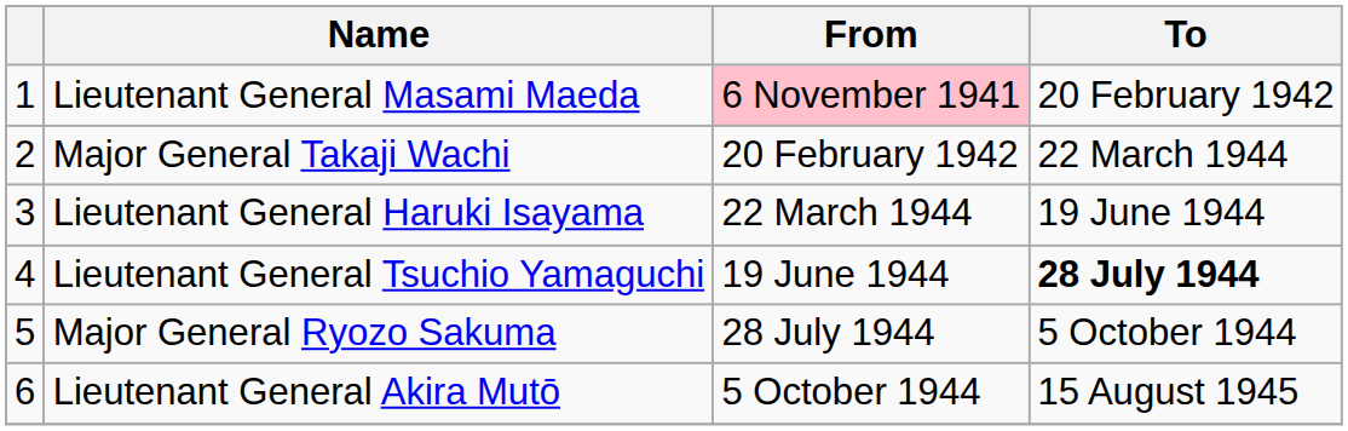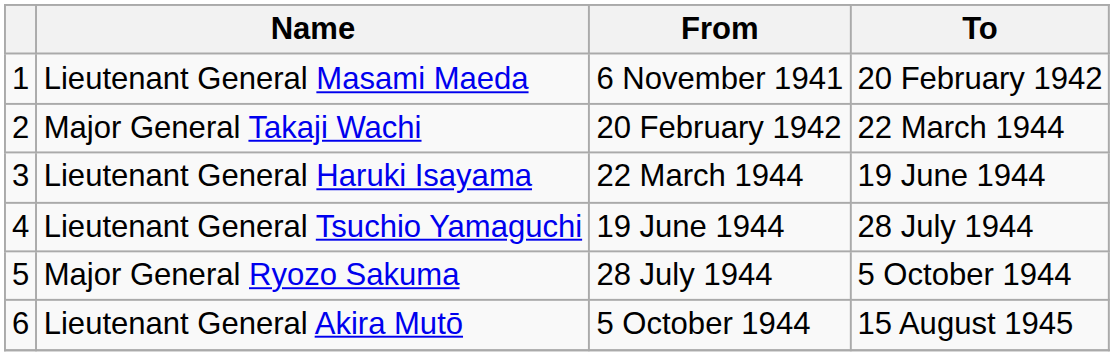 <table class=wikitable>
 <tr>
 <th></th>
 <th>Name</th>
 <th>From</th>
 <th>To</th>
 </tr>
 <tr>
 <td>1</td>
 <td>Lieutenant General <a href='#'>Masami Maeda</a></td>
-<td style="background: pink;">6 November 1941</td>
+<td>6 November 1941</td>
 <td>20 February 1942</td>
 </tr>
 <tr>
 <td>2</td>
 <td>Major General <a href='#'>Takaji Wachi</a></td>
 <td>20 February 1942</td>
 <td>22 March 1944</td>
 </tr>
 <tr>
 <td>3</td>
 <td>Lieutenant General <a href='#'>Haruki Isayama</a></td>
 <td>22 March 1944</td>
 <td>19 June 1944</td>
 </tr>
 <tr>
 <td>4</td>
 <td>Lieutenant General <a href='#'>Tsuchio Yamaguchi</a></td>
 <td>19 June 1944</td>
-<td><strong>28 July 1944</strong></td>
+<td>28 July 1944</td>
 </tr>
 <tr>
 <td>5</td>
 <td>Major General <a href='#'>Ryozo Sakuma</a></td>
 <td>28 July 1944</td>
 <td>5 October 1944</td>
 </tr>
 <tr>
 <td>6</td>
 <td>Lieutenant General <a href='#'>Akira Mutō</a></td>
 <td>5 October 1944</td>
 <td>15 August 1945</td>
 </tr>
 <tr>
 </tr>
 </table>
